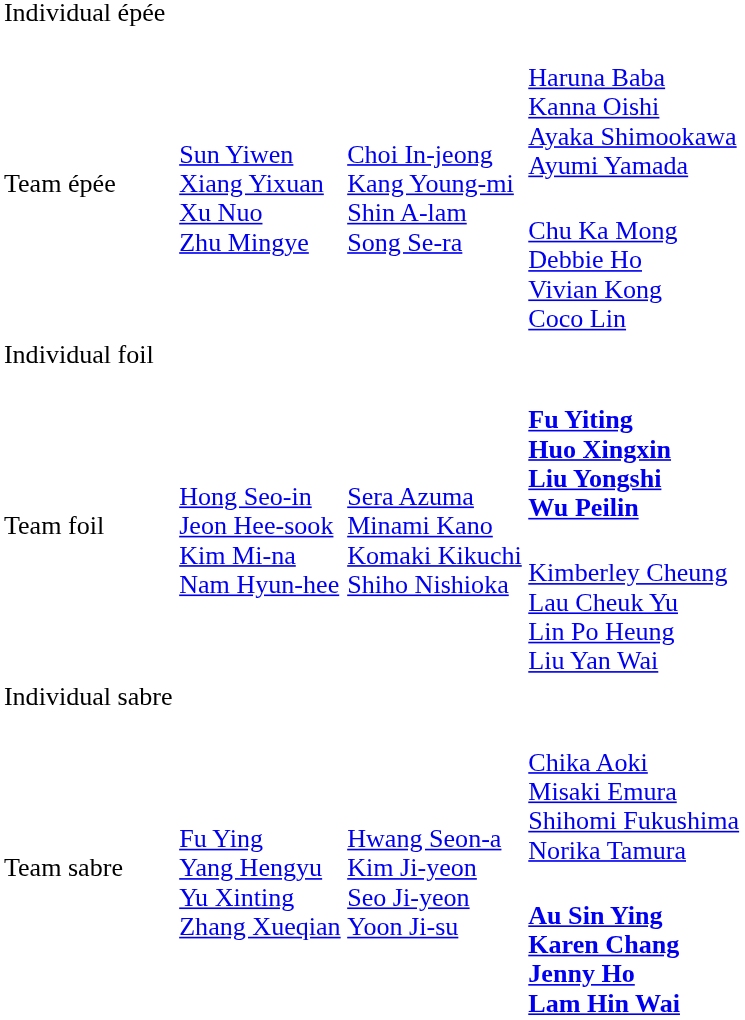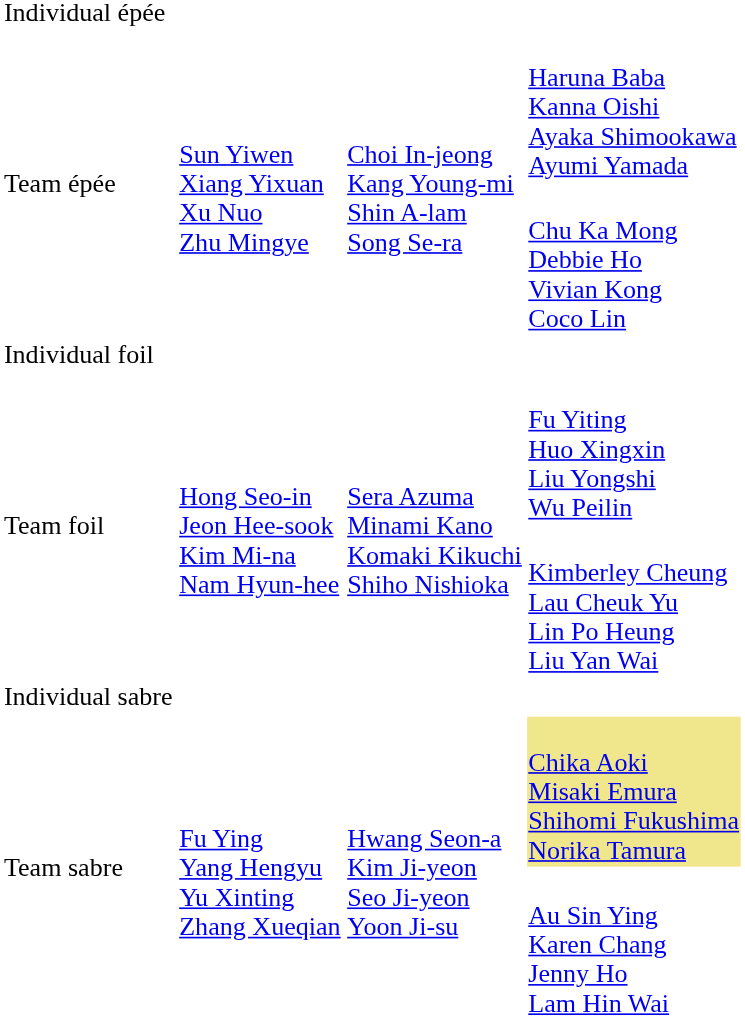 <table>
 <tr>
 <td rowspan=2>Individual épée</td>
 <td rowspan=2></td>
 <td rowspan=2></td>
 <td></td>
 </tr>
 <tr>
 <td></td>
 </tr>
 <tr>
 <td rowspan=2>Team épée</td>
 <td rowspan=2><br><a href='#'>Sun Yiwen</a><br><a href='#'>Xiang Yixuan</a><br><a href='#'>Xu Nuo</a><br><a href='#'>Zhu Mingye</a></td>
 <td rowspan=2><br><a href='#'>Choi In-jeong</a><br><a href='#'>Kang Young-mi</a><br><a href='#'>Shin A-lam</a><br><a href='#'>Song Se-ra</a></td>
 <td><br><a href='#'>Haruna Baba</a><br><a href='#'>Kanna Oishi</a><br><a href='#'>Ayaka Shimookawa</a><br><a href='#'>Ayumi Yamada</a></td>
 </tr>
 <tr>
 <td><br><a href='#'>Chu Ka Mong</a><br><a href='#'>Debbie Ho</a><br><a href='#'>Vivian Kong</a><br><a href='#'>Coco Lin</a></td>
 </tr>
 <tr>
 <td rowspan=2>Individual foil</td>
 <td rowspan=2></td>
 <td rowspan=2></td>
 <td></td>
 </tr>
 <tr>
 <td></td>
 </tr>
 <tr>
 <td rowspan=2>Team foil</td>
 <td rowspan=2><br><a href='#'>Hong Seo-in</a><br><a href='#'>Jeon Hee-sook</a><br><a href='#'>Kim Mi-na</a><br><a href='#'>Nam Hyun-hee</a></td>
 <td rowspan=2><br><a href='#'>Sera Azuma</a><br><a href='#'>Minami Kano</a><br><a href='#'>Komaki Kikuchi</a><br><a href='#'>Shiho Nishioka</a></td>
-<td><strong><br><a href='#'>Fu Yiting</a><br><a href='#'>Huo Xingxin</a><br><a href='#'>Liu Yongshi</a><br><a href='#'>Wu Peilin</a></strong></td>
+<td><br><a href='#'>Fu Yiting</a><br><a href='#'>Huo Xingxin</a><br><a href='#'>Liu Yongshi</a><br><a href='#'>Wu Peilin</a></td>
 </tr>
 <tr>
 <td><br><a href='#'>Kimberley Cheung</a><br><a href='#'>Lau Cheuk Yu</a><br><a href='#'>Lin Po Heung</a><br><a href='#'>Liu Yan Wai</a></td>
 </tr>
 <tr>
 <td rowspan=2>Individual sabre</td>
 <td rowspan=2></td>
 <td rowspan=2></td>
 <td></td>
 </tr>
 <tr>
 <td></td>
 </tr>
 <tr>
 <td rowspan=2>Team sabre</td>
 <td rowspan=2><br><a href='#'>Fu Ying</a><br><a href='#'>Yang Hengyu</a><br><a href='#'>Yu Xinting</a><br><a href='#'>Zhang Xueqian</a></td>
 <td rowspan=2><br><a href='#'>Hwang Seon-a</a><br><a href='#'>Kim Ji-yeon</a><br><a href='#'>Seo Ji-yeon</a><br><a href='#'>Yoon Ji-su</a></td>
-<td><br><a href='#'>Chika Aoki</a><br><a href='#'>Misaki Emura</a><br><a href='#'>Shihomi Fukushima</a><br><a href='#'>Norika Tamura</a></td>
+<td style="background: khaki;"><br><a href='#'>Chika Aoki</a><br><a href='#'>Misaki Emura</a><br><a href='#'>Shihomi Fukushima</a><br><a href='#'>Norika Tamura</a></td>
 </tr>
 <tr>
-<td><strong><br><a href='#'>Au Sin Ying</a><br><a href='#'>Karen Chang</a><br><a href='#'>Jenny Ho</a><br><a href='#'>Lam Hin Wai</a></strong></td>
+<td><br><a href='#'>Au Sin Ying</a><br><a href='#'>Karen Chang</a><br><a href='#'>Jenny Ho</a><br><a href='#'>Lam Hin Wai</a></td>
 </tr>
 <tr>
 </tr>
 </table>
